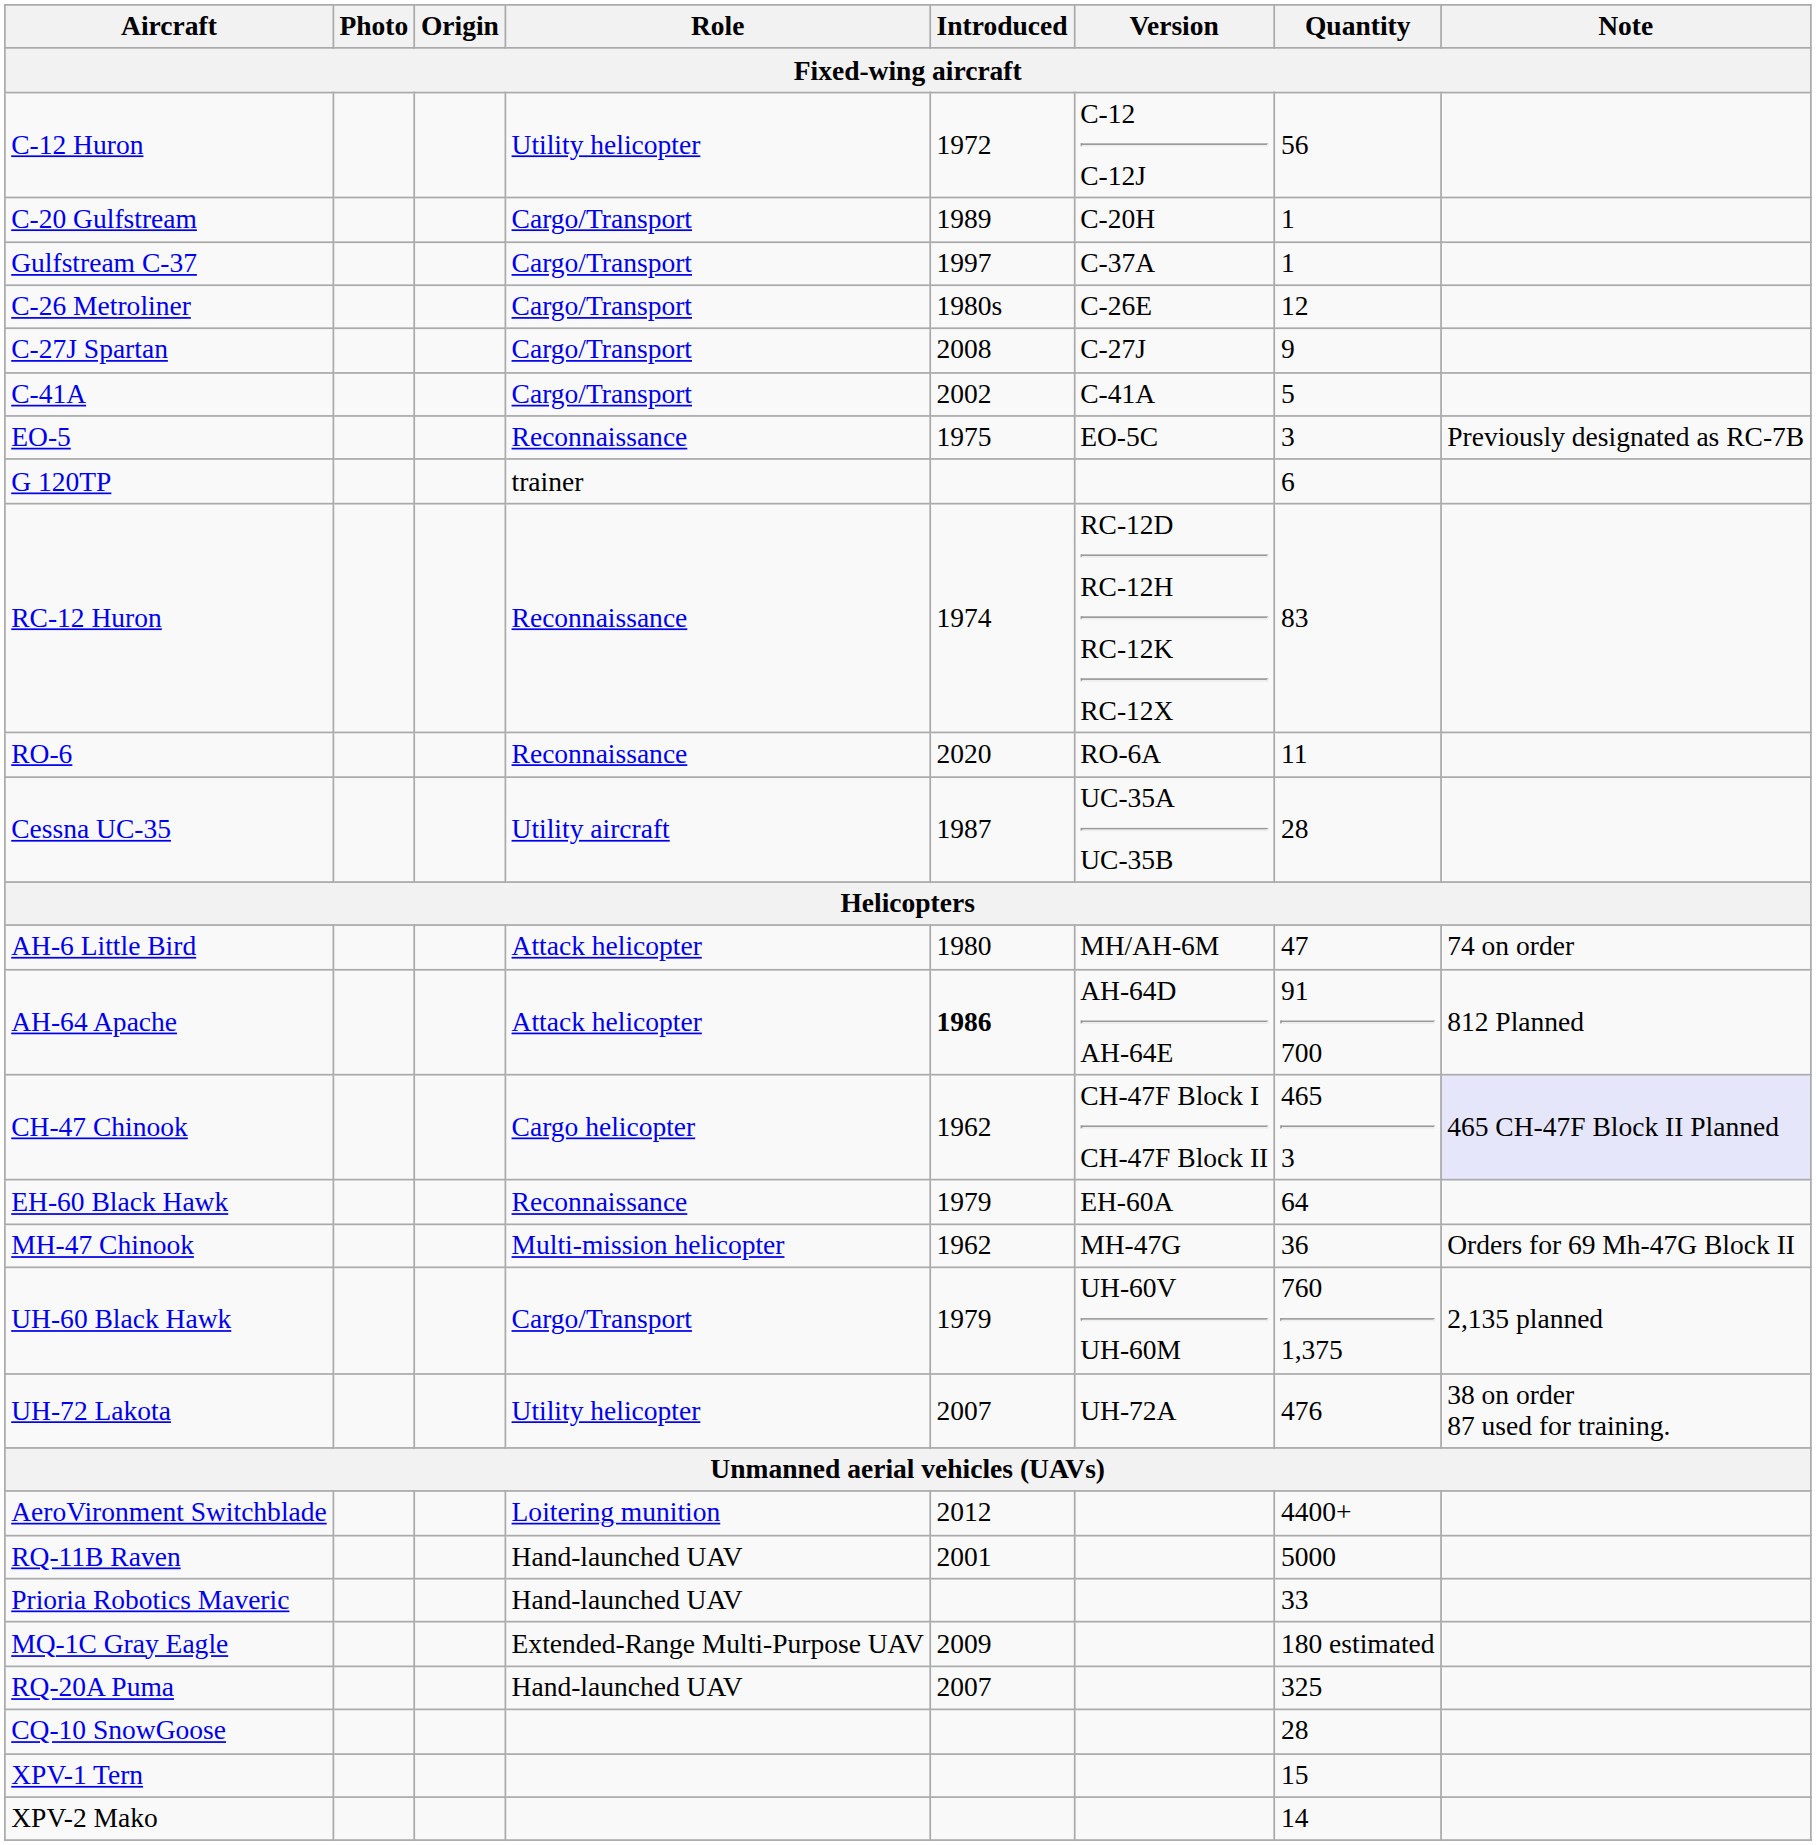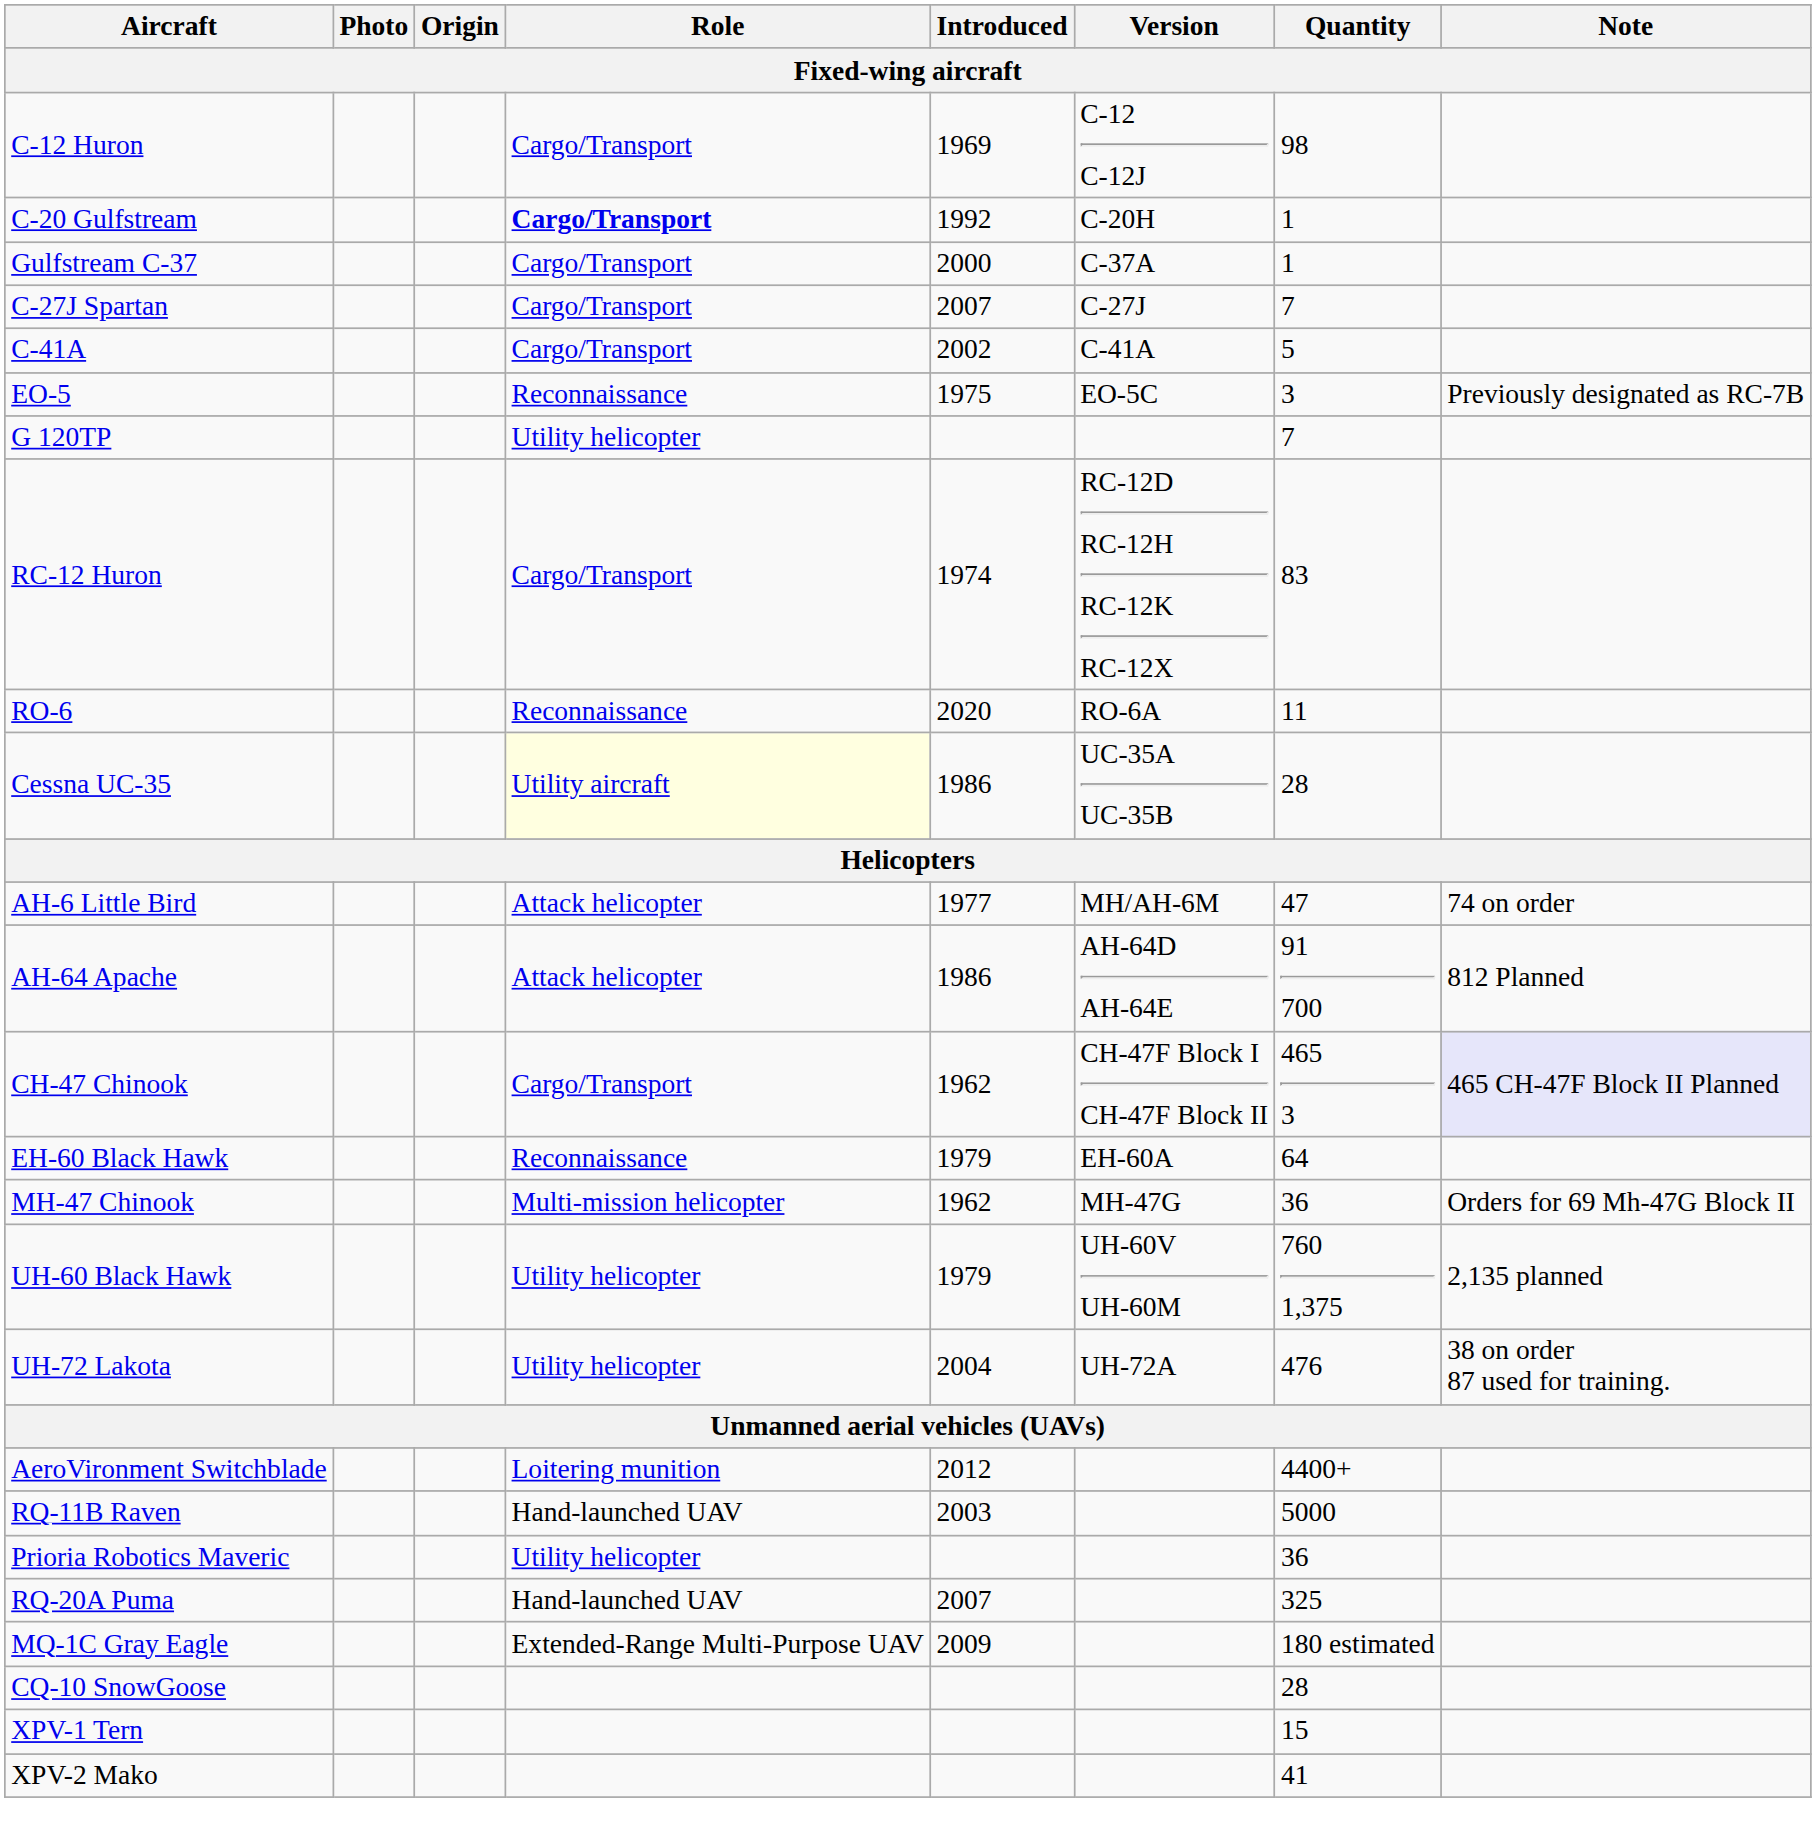 <table class="wikitable">
 <tr>
 <th>Aircraft</th>
 <th>Photo</th>
 <th>Origin</th>
 <th>Role</th>
 <th>Introduced</th>
 <th>Version</th>
 <th>Quantity</th>
 <th>Note</th>
 </tr>
 <tr>
 <th colspan="8" style="align: center; ">Fixed-wing aircraft</th>
 </tr>
 <tr>
 <td><a href='#'>C-12 Huron</a></td>
 <td></td>
 <td></td>
-<td><a href='#'>Utility helicopter</a></td>
-<td>1972</td>
+<td><a href='#'>Cargo/Transport</a></td>
+<td>1969</td>
 <td>C-12<hr>C-12J</td>
-<td>56</td>
+<td>98</td>
 <td></td>
 </tr>
 <tr>
 <td><a href='#'>C-20 Gulfstream</a></td>
 <td></td>
 <td></td>
-<td><a href='#'>Cargo/Transport</a></td>
-<td>1989</td>
+<td><strong><a href='#'>Cargo/Transport</a></strong></td>
+<td>1992</td>
 <td>C-20H</td>
 <td>1</td>
 <td></td>
 </tr>
 <tr>
 <td><a href='#'>Gulfstream C-37</a></td>
 <td></td>
 <td></td>
 <td><a href='#'>Cargo/Transport</a></td>
-<td>1997</td>
+<td>2000</td>
 <td>C-37A</td>
 <td>1</td>
-<td></td>
-</tr>
-<tr>
-<td><a href='#'>C-26 Metroliner</a></td>
-<td></td>
-<td></td>
-<td><a href='#'>Cargo/Transport</a></td>
-<td>1980s</td>
-<td>C-26E</td>
-<td>12</td>
 <td></td>
 </tr>
 <tr>
 <td><a href='#'>C-27J Spartan</a></td>
 <td></td>
 <td></td>
 <td><a href='#'>Cargo/Transport</a></td>
-<td>2008</td>
+<td>2007</td>
 <td>C-27J</td>
-<td>9</td>
+<td>7</td>
 <td></td>
 </tr>
 <tr>
 <td><a href='#'>C-41A</a></td>
 <td></td>
 <td></td>
 <td><a href='#'>Cargo/Transport</a></td>
 <td>2002</td>
 <td>C-41A</td>
 <td>5</td>
 <td></td>
 </tr>
 <tr>
 <td><a href='#'>EO-5</a></td>
 <td></td>
 <td></td>
 <td><a href='#'>Reconnaissance</a></td>
 <td>1975</td>
 <td>EO-5C</td>
 <td>3</td>
 <td>Previously designated as RC-7B</td>
 </tr>
 <tr>
 <td><a href='#'>G 120TP</a></td>
 <td></td>
 <td></td>
-<td>trainer</td>
+<td><a href='#'>Utility helicopter</a></td>
 <td></td>
 <td></td>
-<td>6</td>
+<td>7</td>
 <td></td>
 </tr>
 <tr>
 <td><a href='#'>RC-12 Huron</a></td>
 <td></td>
 <td></td>
-<td><a href='#'>Reconnaissance</a></td>
+<td><a href='#'>Cargo/Transport</a></td>
 <td>1974</td>
 <td>RC-12D<hr>RC-12H<hr>RC-12K<hr>RC-12X</td>
 <td>83</td>
 <td></td>
 </tr>
 <tr>
 <td><a href='#'>RO-6</a></td>
 <td></td>
 <td></td>
 <td><a href='#'>Reconnaissance</a></td>
 <td>2020</td>
 <td>RO-6A</td>
 <td>11</td>
 <td></td>
 </tr>
 <tr>
 <td><a href='#'>Cessna UC-35</a></td>
 <td></td>
 <td></td>
-<td><a href='#'>Utility aircraft</a></td>
-<td>1987</td>
+<td style="background: lightyellow;"><a href='#'>Utility aircraft</a></td>
+<td>1986</td>
 <td>UC-35A<hr>UC-35B</td>
 <td>28</td>
 <td></td>
 </tr>
 <tr>
 <th colspan="8" style="align: center;">Helicopters</th>
 </tr>
 <tr>
 <td><a href='#'>AH-6 Little Bird</a></td>
 <td></td>
 <td></td>
 <td><a href='#'>Attack helicopter</a></td>
-<td>1980</td>
+<td>1977</td>
 <td>MH/AH-6M</td>
 <td>47</td>
 <td>74 on order</td>
 </tr>
 <tr>
 <td><a href='#'>AH-64 Apache</a></td>
 <td></td>
 <td></td>
 <td><a href='#'>Attack helicopter</a></td>
-<td><strong>1986</strong></td>
+<td>1986</td>
 <td>AH-64D<hr>AH-64E</td>
 <td>91<hr>700</td>
 <td>812 Planned</td>
 </tr>
 <tr>
 <td><a href='#'>CH-47 Chinook</a></td>
 <td></td>
 <td></td>
-<td><a href='#'>Cargo helicopter</a></td>
+<td><a href='#'>Cargo/Transport</a></td>
 <td>1962</td>
 <td>CH-47F Block I<hr>CH-47F Block II</td>
 <td>465<hr>3</td>
 <td style="background: lavender;">465 CH-47F Block II Planned</td>
 </tr>
 <tr>
 <td><a href='#'>EH-60 Black Hawk</a></td>
 <td></td>
 <td></td>
 <td><a href='#'>Reconnaissance</a></td>
 <td>1979</td>
 <td>EH-60A</td>
 <td>64</td>
 <td></td>
 </tr>
 <tr>
 <td><a href='#'>MH-47 Chinook</a></td>
 <td></td>
 <td></td>
 <td><a href='#'>Multi-mission helicopter</a></td>
 <td>1962</td>
 <td>MH-47G</td>
 <td>36</td>
 <td>Orders for 69 Mh-47G Block II</td>
 </tr>
 <tr>
 <td><a href='#'>UH-60 Black Hawk</a></td>
 <td></td>
 <td></td>
-<td><a href='#'>Cargo/Transport</a></td>
+<td><a href='#'>Utility helicopter</a></td>
 <td>1979</td>
 <td>UH-60V<hr>UH-60M</td>
 <td>760<hr>1,375</td>
 <td>2,135 planned</td>
 </tr>
 <tr>
 <td><a href='#'>UH-72 Lakota</a></td>
 <td></td>
 <td><br></td>
 <td><a href='#'>Utility helicopter</a></td>
-<td>2007</td>
+<td>2004</td>
 <td>UH-72A</td>
 <td>476</td>
 <td>38 on order<br>87 used for training.</td>
 </tr>
 <tr>
 <th colspan="8" style="align: center;">Unmanned aerial vehicles (UAVs)</th>
 </tr>
 <tr>
 <td><a href='#'>AeroVironment Switchblade</a></td>
 <td></td>
 <td></td>
 <td><a href='#'>Loitering munition</a></td>
 <td>2012</td>
 <td></td>
 <td>4400+</td>
 <td></td>
 </tr>
 <tr>
 <td><a href='#'>RQ-11B Raven</a></td>
 <td></td>
 <td></td>
 <td>Hand-launched UAV</td>
-<td>2001</td>
+<td>2003</td>
 <td></td>
 <td>5000</td>
 <td></td>
 </tr>
 <tr>
 <td><a href='#'>Prioria Robotics Maveric</a></td>
 <td></td>
 <td></td>
-<td>Hand-launched UAV</td>
+<td><a href='#'>Utility helicopter</a></td>
 <td></td>
 <td></td>
-<td>33</td>
+<td>36</td>
+<td></td>
+</tr>
+<tr>
+<td><a href='#'>RQ-20A Puma</a></td>
+<td></td>
+<td></td>
+<td>Hand-launched UAV</td>
+<td>2007</td>
+<td></td>
+<td>325</td>
 <td></td>
 </tr>
 <tr>
 <td><a href='#'>MQ-1C Gray Eagle</a></td>
 <td></td>
 <td></td>
 <td>Extended-Range Multi-Purpose UAV</td>
 <td>2009</td>
 <td></td>
 <td>180 estimated</td>
-<td></td>
-</tr>
-<tr>
-<td><a href='#'>RQ-20A Puma</a></td>
-<td></td>
-<td></td>
-<td>Hand-launched UAV</td>
-<td>2007</td>
-<td></td>
-<td>325</td>
 <td></td>
 </tr>
 <tr>
 <td><a href='#'>CQ-10 SnowGoose</a></td>
 <td></td>
 <td></td>
 <td></td>
 <td></td>
 <td></td>
 <td>28</td>
 <td></td>
 </tr>
 <tr>
 <td><a href='#'>XPV-1 Tern</a></td>
 <td></td>
 <td></td>
 <td></td>
 <td></td>
 <td></td>
 <td>15</td>
 <td></td>
 </tr>
 <tr>
 <td>XPV-2 Mako</td>
 <td></td>
 <td></td>
 <td></td>
 <td></td>
 <td></td>
-<td>14</td>
+<td>41</td>
 <td></td>
 </tr>
 </table>
